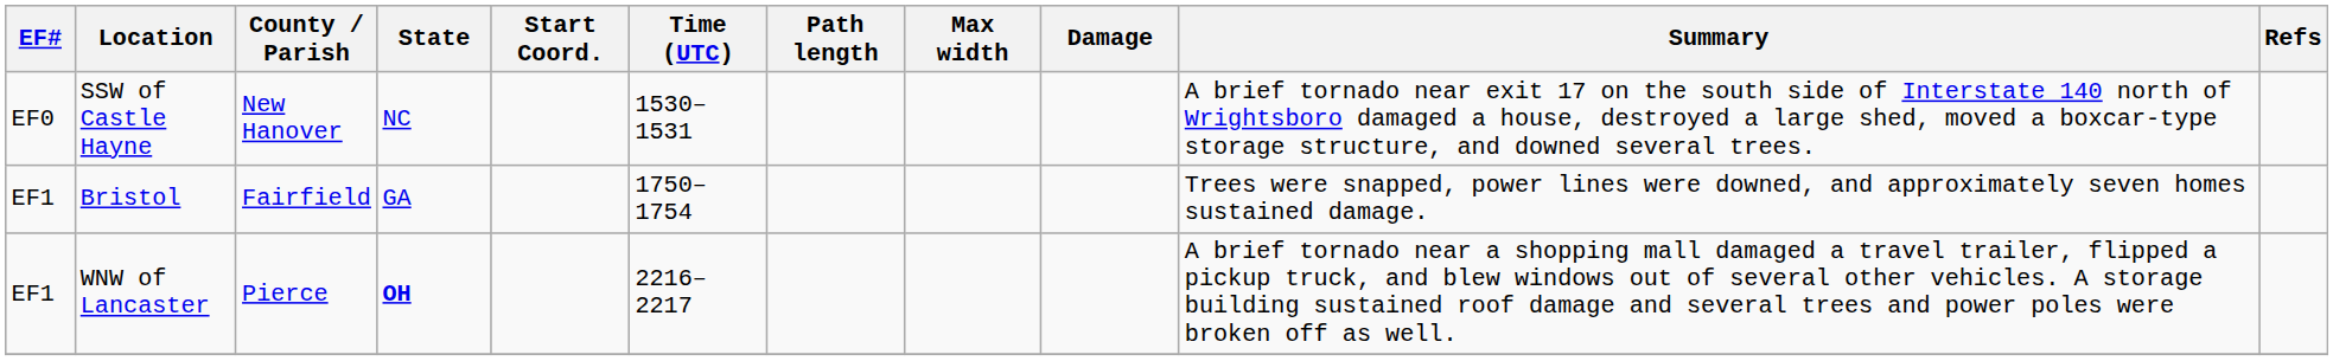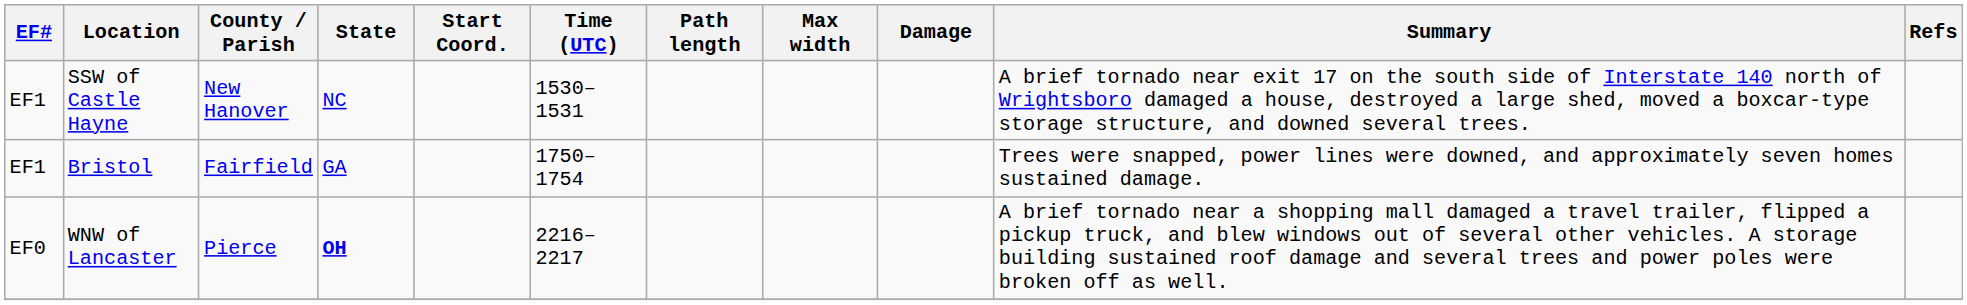 <table class="wikitable sortable" style="width:100%;">
 <tr>
 <th scope="col" width="3%" align="center"><a href='#'>EF#</a></th>
 <th scope="col" width="7%" align="center" class="unsortable">Location</th>
 <th scope="col" width="6%" align="center" class="unsortable">County / Parish</th>
 <th scope="col" width="5%" align="center">State</th>
 <th scope="col" width="6%" align="center">Start Coord.</th>
 <th scope="col" width="6%" align="center">Time (<a href='#'>UTC</a>)</th>
 <th scope="col" width="6%" align="center">Path length</th>
 <th scope="col" width="6%" align="center">Max width</th>
 <th scope="col" width="6%" align="center">Damage</th>
 <th scope="col" width="48%" class="unsortable" align="center">Summary</th>
 <th scope="col" width="48%" class="unsortable" align="center">Refs</th>
 </tr>
 <tr>
-<td>EF0</td>
+<td>EF1</td>
 <td>SSW of <a href='#'>Castle Hayne</a></td>
 <td><a href='#'>New Hanover</a></td>
 <td><a href='#'>NC</a></td>
 <td></td>
 <td>1530–1531</td>
 <td></td>
 <td></td>
 <td></td>
 <td>A brief tornado near exit 17 on the south side of <a href='#'>Interstate 140</a> north of <a href='#'>Wrightsboro</a> damaged a house, destroyed a large shed, moved a boxcar-type storage structure, and downed several trees.</td>
 <td></td>
 </tr>
 <tr>
 <td>EF1</td>
 <td><a href='#'>Bristol</a></td>
 <td><a href='#'>Fairfield</a></td>
 <td><a href='#'>GA</a></td>
 <td></td>
 <td>1750–1754</td>
 <td></td>
 <td></td>
 <td></td>
 <td>Trees were snapped, power lines were downed, and approximately seven homes sustained damage.</td>
 <td></td>
 </tr>
 <tr>
-<td>EF1</td>
+<td>EF0</td>
 <td>WNW of <a href='#'>Lancaster</a></td>
 <td><a href='#'>Pierce</a></td>
 <td><strong><a href='#'>OH</a></strong></td>
 <td></td>
 <td>2216–2217</td>
 <td></td>
 <td></td>
 <td></td>
 <td>A brief tornado near a shopping mall damaged a travel trailer, flipped a pickup truck, and blew windows out of several other vehicles. A storage building sustained roof damage and several trees and power poles were broken off as well.</td>
 <td></td>
 </tr>
 <tr>
 </tr>
 </table>
